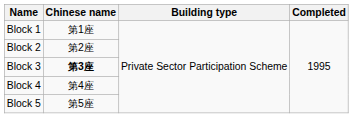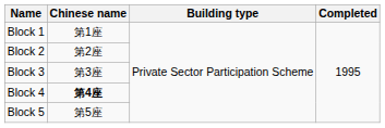 <table class="wikitable" style="text-align: center">
 <tr>
 <th>Name</th>
 <th>Chinese name</th>
 <th>Building type</th>
 <th>Completed</th>
 </tr>
 <tr>
 <td>Block 1</td>
 <td>第1座</td>
 <td rowspan="5">Private Sector Participation Scheme</td>
 <td rowspan="5">1995</td>
 </tr>
 <tr>
 <td>Block 2</td>
 <td>第2座</td>
 </tr>
 <tr>
 <td>Block 3</td>
-<td><strong>第3座</strong></td>
+<td>第3座</td>
 </tr>
 <tr>
 <td>Block 4</td>
-<td>第4座</td>
+<td><strong>第4座</strong></td>
 </tr>
 <tr>
 <td>Block 5</td>
 <td>第5座</td>
 </tr>
 </table>
